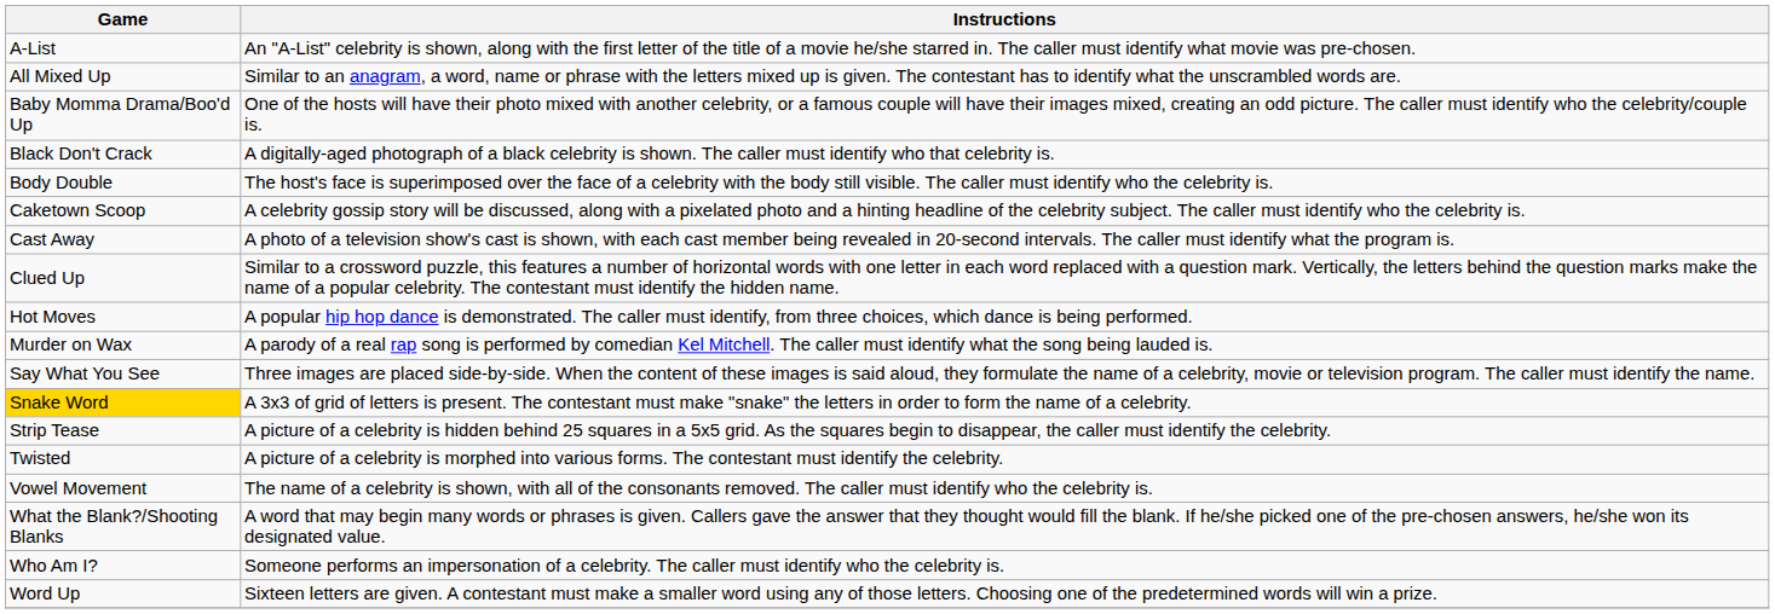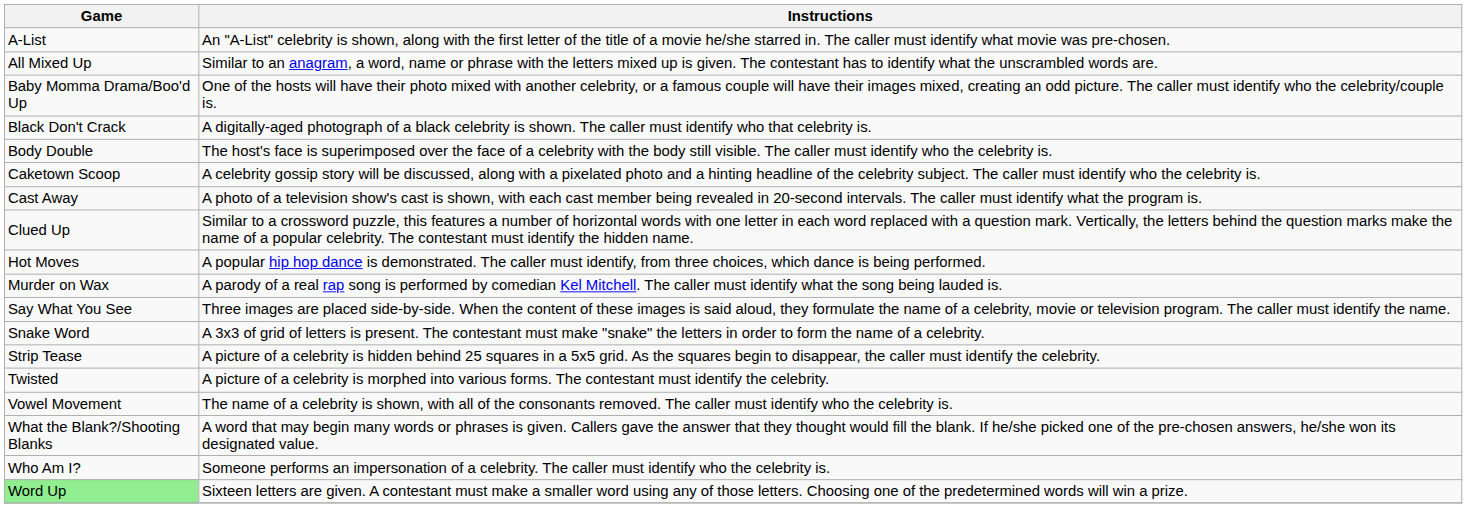 <table class="wikitable sticky-header">
 <tr>
 <th>Game</th>
 <th>Instructions</th>
 </tr>
 <tr>
 <td>A-List</td>
 <td>An "A-List" celebrity is shown, along with the first letter of the title of a movie he/she starred in. The caller must identify what movie was pre-chosen.</td>
 </tr>
 <tr>
 <td>All Mixed Up</td>
 <td>Similar to an <a href='#'>anagram</a>, a word, name or phrase with the letters mixed up is given. The contestant has to identify what the unscrambled words are.</td>
 </tr>
 <tr>
 <td>Baby Momma Drama/Boo'd Up</td>
 <td>One of the hosts will have their photo mixed with another celebrity, or a famous couple will have their images mixed, creating an odd picture. The caller must identify who the celebrity/couple is.</td>
 </tr>
 <tr>
 <td>Black Don't Crack</td>
 <td>A digitally-aged photograph of a black celebrity is shown. The caller must identify who that celebrity is.</td>
 </tr>
 <tr>
 <td>Body Double</td>
 <td>The host's face is superimposed over the face of a celebrity with the body still visible. The caller must identify who the celebrity is.</td>
 </tr>
 <tr>
 <td>Caketown Scoop</td>
 <td>A celebrity gossip story will be discussed, along with a pixelated photo and a hinting headline of the celebrity subject. The caller must identify who the celebrity is.</td>
 </tr>
 <tr>
 <td>Cast Away</td>
 <td>A photo of a television show's cast is shown, with each cast member being revealed in 20-second intervals. The caller must identify what the program is.</td>
 </tr>
 <tr>
 <td>Clued Up</td>
 <td>Similar to a crossword puzzle, this features a number of horizontal words with one letter in each word replaced with a question mark. Vertically, the letters behind the question marks make the name of a popular celebrity. The contestant must identify the hidden name.</td>
 </tr>
 <tr>
 <td>Hot Moves</td>
 <td>A popular <a href='#'>hip hop dance</a> is demonstrated. The caller must identify, from three choices, which dance is being performed.</td>
 </tr>
 <tr>
 <td>Murder on Wax</td>
 <td>A parody of a real <a href='#'>rap</a> song is performed by comedian <a href='#'>Kel Mitchell</a>. The caller must identify what the song being lauded is.</td>
 </tr>
 <tr>
 <td>Say What You See</td>
 <td>Three images are placed side-by-side. When the content of these images is said aloud, they formulate the name of a celebrity, movie or television program. The caller must identify the name.</td>
 </tr>
 <tr>
-<td style="background: gold;">Snake Word</td>
+<td>Snake Word</td>
 <td>A 3x3 of grid of letters is present. The contestant must make "snake" the letters in order to form the name of a celebrity.</td>
 </tr>
 <tr>
 <td>Strip Tease</td>
 <td>A picture of a celebrity is hidden behind 25 squares in a 5x5 grid. As the squares begin to disappear, the caller must identify the celebrity.</td>
 </tr>
 <tr>
 <td>Twisted</td>
 <td>A picture of a celebrity is morphed into various forms. The contestant must identify the celebrity.</td>
 </tr>
 <tr>
 <td>Vowel Movement</td>
 <td>The name of a celebrity is shown, with all of the consonants removed. The caller must identify who the celebrity is.</td>
 </tr>
 <tr>
 <td>What the Blank?/Shooting Blanks</td>
 <td>A word that may begin many words or phrases is given. Callers gave the answer that they thought would fill the blank. If he/she picked one of the pre-chosen answers, he/she won its designated value.</td>
 </tr>
 <tr>
 <td>Who Am I?</td>
 <td>Someone performs an impersonation of a celebrity. The caller must identify who the celebrity is.</td>
 </tr>
 <tr>
-<td>Word Up</td>
+<td style="background: lightgreen;">Word Up</td>
 <td>Sixteen letters are given. A contestant must make a smaller word using any of those letters. Choosing one of the predetermined words will win a prize.</td>
 </tr>
 <tr>
 </tr>
 </table>
